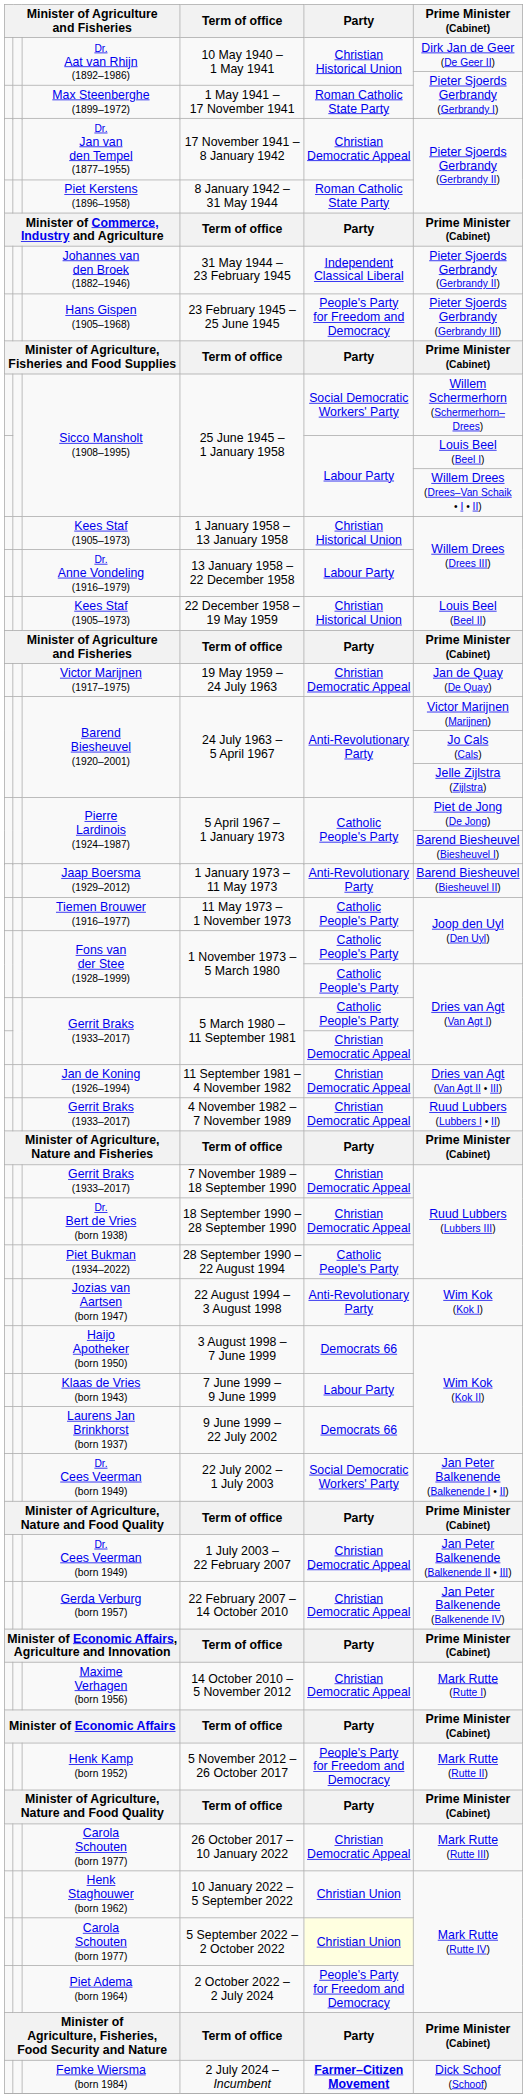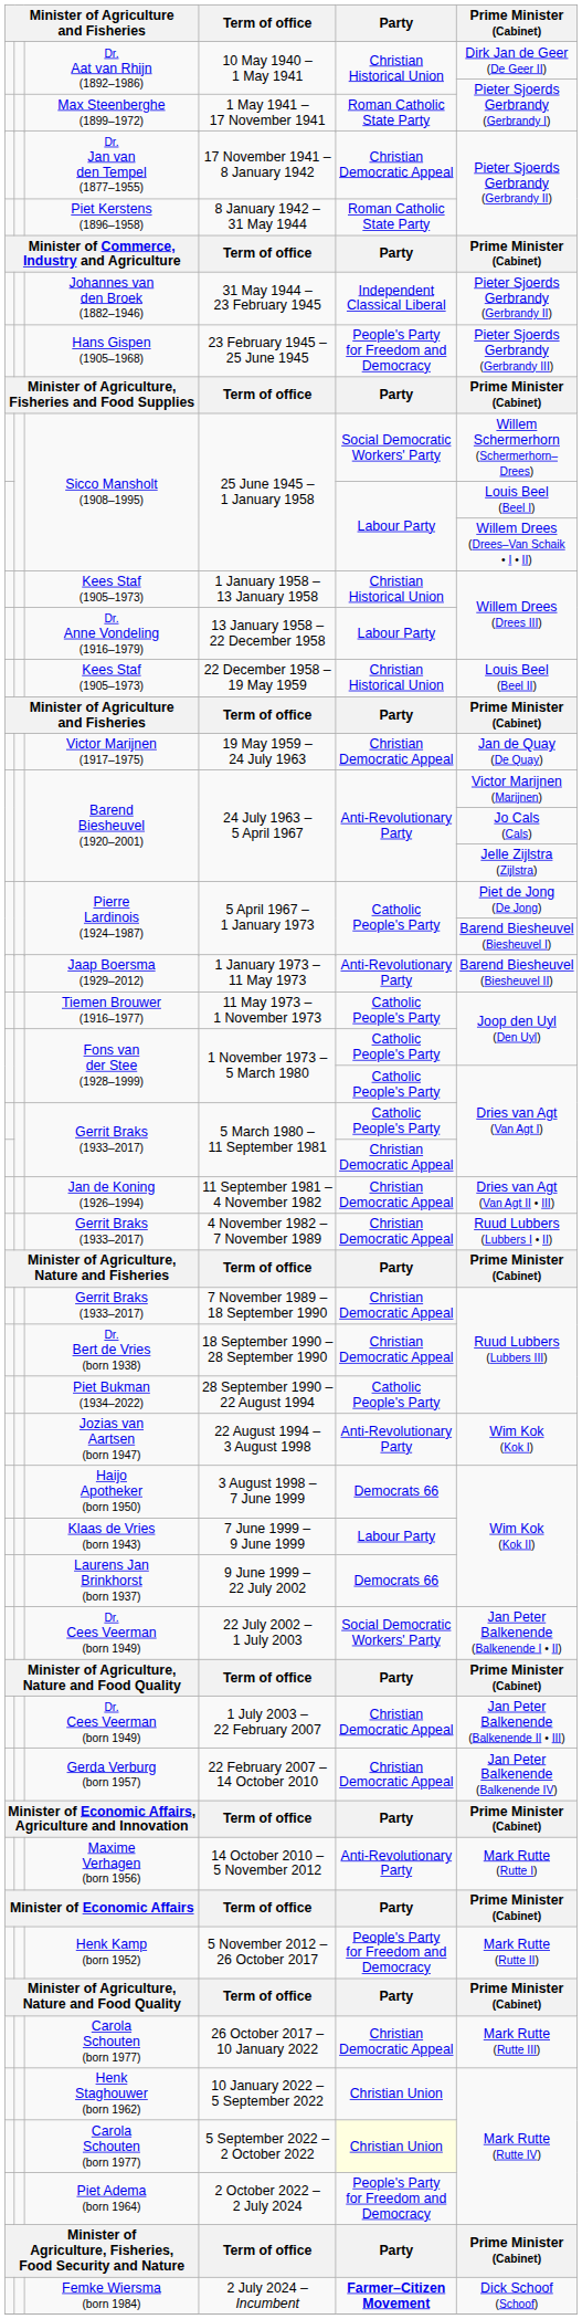 <table class="wikitable" style="text-align:center">
 <tr>
 <th colspan=3>Minister of Agriculture <br> and Fisheries</th>
 <th>Term of office</th>
 <th>Party</th>
 <th>Prime Minister <br> <small>(Cabinet)</small></th>
 </tr>
 <tr>
 <td rowspan=2 style="background:"></td>
 <td rowspan=2></td>
 <td rowspan=2><small><a href='#'>Dr.</a></small> <br> <a href='#'>Aat van Rhijn</a> <br> <small>(1892–1986)</small></td>
 <td rowspan=2>10 May 1940 – <br> 1 May 1941 <br> </td>
 <td rowspan=2><a href='#'>Christian <br> Historical Union</a></td>
 <td><a href='#'>Dirk Jan de Geer</a> <br> <small>(<a href='#'>De Geer II</a>)</small> <br></td>
 </tr>
 <tr>
 <td rowspan=2><a href='#'>Pieter Sjoerds <br> Gerbrandy</a> <br> <small>(<a href='#'>Gerbrandy I</a>)</small> <br></td>
 </tr>
 <tr>
 <td rowspan=2 style="background:"></td>
 <td rowspan=2></td>
 <td rowspan=2><a href='#'>Max Steenberghe</a> <br> <small>(1899–1972)</small></td>
 <td rowspan=2>1 May 1941 – <br> 17 November 1941 <br> </td>
 <td rowspan=2><a href='#'>Roman Catholic <br> State Party</a></td>
 </tr>
 <tr>
 <td rowspan=3><a href='#'>Pieter Sjoerds <br> Gerbrandy</a> <br> <small>(<a href='#'>Gerbrandy II</a>)</small> <br></td>
 </tr>
 <tr>
 <td style="background:"></td>
 <td></td>
 <td><small><a href='#'>Dr.</a></small> <br> <a href='#'>Jan van <br> den Tempel</a> <br> <small>(1877–1955)</small></td>
 <td>17 November 1941 – <br> 8 January 1942 <br>  </td>
 <td><a href='#'>Christian <br> Democratic Appeal</a></td>
 </tr>
 <tr>
 <td style="background:"></td>
 <td></td>
 <td><a href='#'>Piet Kerstens</a> <br> <small>(1896–1958)</small></td>
 <td>8 January 1942 – <br> 31 May 1944 <br>  </td>
 <td><a href='#'>Roman Catholic <br> State Party</a></td>
 </tr>
 <tr>
 <th colspan=3>Minister of <a href='#'>Commerce, <br> Industry</a> and Agriculture</th>
 <th>Term of office</th>
 <th>Party</th>
 <th>Prime Minister <br> <small>(Cabinet)</small></th>
 </tr>
 <tr>
 <td style="background:"></td>
 <td></td>
 <td><a href='#'>Johannes van <br> den Broek</a> <br> <small>(1882–1946)</small></td>
 <td>31 May 1944 – <br> 23 February 1945 <br> </td>
 <td><a href='#'>Independent</a> <br> <a href='#'>Classical Liberal</a></td>
 <td><a href='#'>Pieter Sjoerds <br> Gerbrandy</a> <br> <small>(<a href='#'>Gerbrandy II</a>)</small> <br></td>
 </tr>
 <tr>
 <td style="background:"></td>
 <td></td>
 <td><a href='#'>Hans Gispen</a> <br> <small>(1905–1968)</small></td>
 <td>23 February 1945 – <br> 25 June 1945</td>
 <td><a href='#'>People's Party <br> for Freedom and <br> Democracy</a></td>
 <td><a href='#'>Pieter Sjoerds <br> Gerbrandy</a> <br> <small>(<a href='#'>Gerbrandy III</a>)</small> <br></td>
 </tr>
 <tr>
 <th colspan=3>Minister of Agriculture, <br> Fisheries and Food Supplies</th>
 <th>Term of office</th>
 <th>Party</th>
 <th>Prime Minister <br> <small>(Cabinet)</small></th>
 </tr>
 <tr>
 <td style="background:"></td>
 <td rowspan=4></td>
 <td rowspan=4><a href='#'>Sicco Mansholt</a> <br> <small>(1908–1995)</small></td>
 <td rowspan=4>25 June 1945 – <br> 1 January 1958 <br> </td>
 <td><a href='#'>Social Democratic <br> Workers' Party</a></td>
 <td><a href='#'>Willem <br> Schermerhorn</a> <br> <small>(<a href='#'>Schermerhorn–<br>Drees</a>)</small> </td>
 </tr>
 <tr>
 <td rowspan=3 style="background:"></td>
 <td rowspan=3><a href='#'>Labour Party</a></td>
 <td><a href='#'>Louis Beel</a> <br> <small>(<a href='#'>Beel I</a>)</small> </td>
 </tr>
 <tr>
 <td><a href='#'>Willem Drees</a> <br> <small>(<a href='#'>Drees–Van Schaik</a> <br> • <a href='#'>I</a> • <a href='#'>II</a>)</small> </td>
 </tr>
 <tr>
 <td rowspan=3><a href='#'>Willem Drees</a> <br> <small>(<a href='#'>Drees III</a>)</small> <br></td>
 </tr>
 <tr>
 <td style="background:"></td>
 <td></td>
 <td><a href='#'>Kees Staf</a> <br> <small>(1905–1973)</small></td>
 <td>1 January 1958 – <br> 13 January 1958 <br>  </td>
 <td><a href='#'>Christian <br> Historical Union</a></td>
 </tr>
 <tr>
 <td style="background:"></td>
 <td></td>
 <td><small><a href='#'>Dr.</a></small> <br> <a href='#'>Anne Vondeling</a> <br> <small>(1916–1979)</small></td>
 <td>13 January 1958 – <br> 22 December 1958</td>
 <td><a href='#'>Labour Party</a></td>
 </tr>
 <tr>
 <td style="background:"></td>
 <td></td>
 <td><a href='#'>Kees Staf</a> <br> <small>(1905–1973)</small></td>
 <td>22 December 1958 – <br> 19 May 1959 <br> </td>
 <td><a href='#'>Christian <br> Historical Union</a></td>
 <td><a href='#'>Louis Beel</a> <br> <small>(<a href='#'>Beel II</a>)</small> <br></td>
 </tr>
 <tr>
 <th colspan=3>Minister of Agriculture <br> and Fisheries</th>
 <th>Term of office</th>
 <th>Party</th>
 <th>Prime Minister <br> <small>(Cabinet)</small></th>
 </tr>
 <tr>
 <td style="background:"></td>
 <td></td>
 <td><a href='#'>Victor Marijnen</a> <br> <small>(1917–1975)</small></td>
 <td>19 May 1959 – <br> 24 July 1963</td>
 <td><a href='#'>Christian <br> Democratic Appeal</a></td>
 <td><a href='#'>Jan de Quay</a> <br> <small>(<a href='#'>De Quay</a>)</small> <br></td>
 </tr>
 <tr>
 <td rowspan=3 style="background:"></td>
 <td rowspan=3></td>
 <td rowspan=3><a href='#'>Barend <br> Biesheuvel</a> <br> <small>(1920–2001)</small> <br> <small></small></td>
 <td rowspan=3>24 July 1963 – <br> 5 April 1967 <br> </td>
 <td rowspan=3><a href='#'>Anti-Revolutionary <br> Party</a></td>
 <td><a href='#'>Victor Marijnen</a> <br> <small>(<a href='#'>Marijnen</a>)</small> <br></td>
 </tr>
 <tr>
 <td><a href='#'>Jo Cals</a> <br> <small>(<a href='#'>Cals</a>)</small> <br></td>
 </tr>
 <tr>
 <td><a href='#'>Jelle Zijlstra</a> <br> <small>(<a href='#'>Zijlstra</a>)</small> <br></td>
 </tr>
 <tr>
 <td rowspan=3 style="background:"></td>
 <td rowspan=3></td>
 <td rowspan=3><a href='#'>Pierre <br> Lardinois</a> <br> <small>(1924–1987)</small></td>
 <td rowspan=3>5 April 1967 – <br> 1 January 1973 <br> </td>
 <td rowspan=3><a href='#'>Catholic <br> People's Party</a></td>
 <td><a href='#'>Piet de Jong</a> <br> <small>(<a href='#'>De Jong</a>)</small> <br></td>
 </tr>
 <tr>
 <td><a href='#'>Barend Biesheuvel</a> <br> <small>(<a href='#'>Biesheuvel I</a>)</small> <br></td>
 </tr>
 <tr>
 <td rowspan=2><a href='#'>Barend Biesheuvel</a> <br> <small>(<a href='#'>Biesheuvel II</a>)</small> <br></td>
 </tr>
 <tr>
 <td style="background:"></td>
 <td></td>
 <td><a href='#'>Jaap Boersma</a> <br> <small>(1929–2012)</small></td>
 <td>1 January 1973 – <br> 11 May 1973 <br>  </td>
 <td><a href='#'>Anti-Revolutionary <br> Party</a></td>
 </tr>
 <tr>
 <td style="background:"></td>
 <td></td>
 <td><a href='#'>Tiemen Brouwer</a> <br> <small>(1916–1977)</small></td>
 <td>11 May 1973 – <br> 1 November 1973 <br> </td>
 <td><a href='#'>Catholic <br> People's Party</a></td>
 <td rowspan=2><a href='#'>Joop den Uyl</a> <br> <small>(<a href='#'>Den Uyl</a>)</small> <br></td>
 </tr>
 <tr>
 <td rowspan=2 style="background:"></td>
 <td rowspan=2></td>
 <td rowspan=2><a href='#'>Fons van <br> der Stee</a> <br> <small>(1928–1999)</small></td>
 <td rowspan=2>1 November 1973 – <br> 5 March 1980 <br> </td>
 <td><a href='#'>Catholic <br> People's Party</a></td>
 </tr>
 <tr>
 <td><a href='#'>Catholic <br> People's Party</a></td>
 <td rowspan=3><a href='#'>Dries van Agt</a> <br> <small>(<a href='#'>Van Agt I</a>)</small> <br></td>
 </tr>
 <tr>
 <td style="background:"></td>
 <td rowspan=2></td>
 <td rowspan=2><a href='#'>Gerrit Braks</a> <br> <small>(1933–2017)</small></td>
 <td rowspan=2>5 March 1980 – <br> 11 September 1981</td>
 <td><a href='#'>Catholic <br> People's Party</a></td>
 </tr>
 <tr>
 <td style="background:"></td>
 <td><a href='#'>Christian <br> Democratic Appeal</a></td>
 </tr>
 <tr>
 <td style="background:"></td>
 <td></td>
 <td><a href='#'>Jan de Koning</a> <br> <small>(1926–1994)</small></td>
 <td>11 September 1981 – <br> 4 November 1982 <br> </td>
 <td><a href='#'>Christian <br> Democratic Appeal</a></td>
 <td><a href='#'>Dries van Agt</a> <br> <small>(<a href='#'>Van Agt II</a> • <a href='#'>III</a>)</small> <br></td>
 </tr>
 <tr>
 <td style="background:"></td>
 <td></td>
 <td><a href='#'>Gerrit Braks</a> <br> <small>(1933–2017)</small></td>
 <td>4 November 1982 – <br> 7 November 1989</td>
 <td><a href='#'>Christian <br> Democratic Appeal</a></td>
 <td><a href='#'>Ruud Lubbers</a> <br> <small>(<a href='#'>Lubbers I</a> • <a href='#'>II</a>)</small> <br></td>
 </tr>
 <tr>
 <th colspan=3>Minister of Agriculture, <br> Nature and Fisheries</th>
 <th>Term of office</th>
 <th>Party</th>
 <th>Prime Minister <br> <small>(Cabinet)</small></th>
 </tr>
 <tr>
 <td style="background:"></td>
 <td></td>
 <td><a href='#'>Gerrit Braks</a> <br> <small>(1933–2017)</small></td>
 <td>7 November 1989 – <br> 18 September 1990 <br> </td>
 <td><a href='#'>Christian <br> Democratic Appeal</a></td>
 <td rowspan=3><a href='#'>Ruud Lubbers</a> <br> <small>(<a href='#'>Lubbers III</a>)</small> <br></td>
 </tr>
 <tr>
 <td style="background:"></td>
 <td></td>
 <td><small><a href='#'>Dr.</a></small> <br> <a href='#'>Bert de Vries</a> <br> <small>(born 1938)</small></td>
 <td>18 September 1990 – <br> 28 September 1990 <br>  </td>
 <td><a href='#'>Christian <br> Democratic Appeal</a></td>
 </tr>
 <tr>
 <td style="background:"></td>
 <td></td>
 <td><a href='#'>Piet Bukman</a> <br> <small>(1934–2022)</small></td>
 <td>28 September 1990 – <br> 22 August 1994</td>
 <td><a href='#'>Catholic <br> People's Party</a></td>
 </tr>
 <tr>
 <td style="background:"></td>
 <td></td>
 <td><a href='#'>Jozias van <br> Aartsen</a> <br> <small>(born 1947)</small></td>
 <td>22 August 1994 – <br> 3 August 1998</td>
 <td><a href='#'>Anti-Revolutionary <br> Party</a></td>
 <td><a href='#'>Wim Kok</a> <br> <small>(<a href='#'>Kok I</a>)</small> <br></td>
 </tr>
 <tr>
 <td style="background:"></td>
 <td></td>
 <td><a href='#'>Haijo <br> Apotheker</a> <br> <small>(born 1950)</small></td>
 <td>3 August 1998 – <br> 7 June 1999 <br> </td>
 <td><a href='#'>Democrats 66</a></td>
 <td rowspan=3><a href='#'>Wim Kok</a> <br> <small>(<a href='#'>Kok II</a>)</small> <br></td>
 </tr>
 <tr>
 <td style="background:"></td>
 <td></td>
 <td><a href='#'>Klaas de Vries</a> <br> <small>(born 1943)</small></td>
 <td>7 June 1999 – <br> 9 June 1999 <br>  </td>
 <td><a href='#'>Labour Party</a></td>
 </tr>
 <tr>
 <td style="background:"></td>
 <td></td>
 <td><a href='#'>Laurens Jan <br> Brinkhorst</a> <br> <small>(born 1937)</small></td>
 <td>9 June 1999 – <br> 22 July 2002</td>
 <td><a href='#'>Democrats 66</a></td>
 </tr>
 <tr>
 <td style="background:"></td>
 <td></td>
 <td><small><a href='#'>Dr.</a></small> <br> <a href='#'>Cees Veerman</a> <br> <small>(born 1949)</small></td>
 <td>22 July 2002 – <br> 1 July 2003</td>
 <td><a href='#'>Social Democratic <br> Workers' Party</a></td>
 <td><a href='#'>Jan Peter <br> Balkenende</a> <br> <small>(<a href='#'>Balkenende I</a> • <a href='#'>II</a>)</small> <br></td>
 </tr>
 <tr>
 <th colspan=3>Minister of Agriculture, <br> Nature and Food Quality</th>
 <th>Term of office</th>
 <th>Party</th>
 <th>Prime Minister <br> <small>(Cabinet)</small></th>
 </tr>
 <tr>
 <td style="background:"></td>
 <td></td>
 <td><small><a href='#'>Dr.</a></small> <br> <a href='#'>Cees Veerman</a> <br> <small>(born 1949)</small></td>
 <td>1 July 2003 – <br> 22 February 2007</td>
 <td><a href='#'>Christian <br> Democratic Appeal</a></td>
 <td><a href='#'>Jan Peter <br> Balkenende</a> <br> <small>(<a href='#'>Balkenende II</a> • <a href='#'>III</a>)</small> <br></td>
 </tr>
 <tr>
 <td style="background:"></td>
 <td></td>
 <td><a href='#'>Gerda Verburg</a> <br> <small>(born 1957)</small></td>
 <td>22 February 2007 – <br> 14 October 2010</td>
 <td><a href='#'>Christian <br> Democratic Appeal</a></td>
 <td><a href='#'>Jan Peter <br> Balkenende</a> <br> <small>(<a href='#'>Balkenende IV</a>)</small> <br></td>
 </tr>
 <tr>
 <th colspan=3>Minister of <a href='#'>Economic Affairs</a>, <br> Agriculture and Innovation</th>
 <th>Term of office</th>
 <th>Party</th>
 <th>Prime Minister <br> <small>(Cabinet)</small></th>
 </tr>
 <tr>
 <td style="background:"></td>
 <td></td>
 <td><a href='#'>Maxime <br> Verhagen</a> <br> <small>(born 1956)</small> <br> <small></small></td>
 <td>14 October 2010 – <br> 5 November 2012</td>
-<td><a href='#'>Christian <br> Democratic Appeal</a></td>
+<td><a href='#'>Anti-Revolutionary <br> Party</a></td>
 <td><a href='#'>Mark Rutte</a> <br> <small>(<a href='#'>Rutte I</a>)</small> <br></td>
 </tr>
 <tr>
 <th colspan=3>Minister of <a href='#'>Economic Affairs</a></th>
 <th>Term of office</th>
 <th>Party</th>
 <th>Prime Minister <br> <small>(Cabinet)</small></th>
 </tr>
 <tr>
 <td style="background:"></td>
 <td></td>
 <td><a href='#'>Henk Kamp</a> <br> <small>(born 1952)</small></td>
 <td>5 November 2012 – <br> 26 October 2017</td>
 <td><a href='#'>People's Party <br> for Freedom and <br> Democracy</a></td>
 <td><a href='#'>Mark Rutte</a> <br> <small>(<a href='#'>Rutte II</a>)</small> <br></td>
 </tr>
 <tr>
 <th colspan=3>Minister of Agriculture, <br> Nature and Food Quality</th>
 <th>Term of office</th>
 <th>Party</th>
 <th>Prime Minister <br> <small>(Cabinet)</small></th>
 </tr>
 <tr>
 <td style="background:"></td>
 <td></td>
 <td><a href='#'>Carola <br> Schouten</a> <br> <small>(born 1977)</small> <br> <small></small></td>
 <td>26 October 2017 – <br> 10 January 2022</td>
 <td><a href='#'>Christian <br> Democratic Appeal</a></td>
 <td><a href='#'>Mark Rutte</a> <br> <small>(<a href='#'>Rutte III</a>)</small> <br></td>
 </tr>
 <tr>
 <td style="background:"></td>
 <td></td>
 <td><a href='#'>Henk <br> Staghouwer</a> <br> <small>(born 1962)</small></td>
 <td>10 January 2022 – <br> 5 September 2022 <br> </td>
 <td><a href='#'>Christian Union</a></td>
 <td rowspan=3><a href='#'>Mark Rutte</a> <br> <small>(<a href='#'>Rutte IV</a>)</small> <br></td>
 </tr>
 <tr>
 <td style="background:"></td>
 <td></td>
 <td><a href='#'>Carola <br> Schouten</a> <br> <small>(born 1977)</small> <br> <small></small></td>
 <td>5 September 2022 – <br> 2 October 2022 <br>  </td>
 <td style="background: lightyellow;"><a href='#'>Christian Union</a></td>
 </tr>
 <tr>
 <td style="background:"></td>
 <td></td>
 <td><a href='#'>Piet Adema</a> <br> <small>(born 1964)</small></td>
 <td>2 October 2022 – <br> 2 July 2024</td>
 <td><a href='#'>People's Party <br> for Freedom and <br> Democracy</a></td>
 </tr>
 <tr>
 <th colspan=3>Minister of <br> Agriculture, Fisheries, <br> Food Security and Nature</th>
 <th>Term of office</th>
 <th>Party</th>
 <th>Prime Minister <br> <small>(Cabinet)</small></th>
 </tr>
 <tr>
 <td style="background:"></td>
 <td></td>
 <td><a href='#'>Femke Wiersma</a> <br> <small>(born 1984)</small></td>
 <td>2 July 2024 – <br> <em>Incumbent</em></td>
 <td><strong><a href='#'>Farmer–Citizen <br> Movement</a></strong></td>
 <td><a href='#'>Dick Schoof</a> <br> <small>(<a href='#'>Schoof</a>)</small> <br></td>
 </tr>
 <tr>
 </tr>
 </table>
